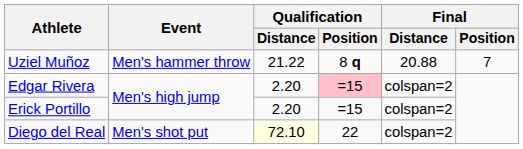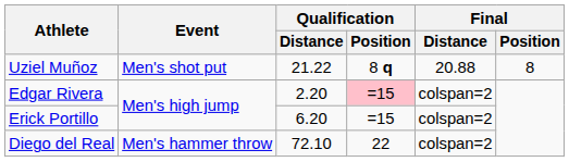 <table class=wikitable style="font-size:90%">
 <tr>
 <th rowspan="2">Athlete</th>
 <th rowspan="2">Event</th>
 <th colspan="2">Qualification</th>
 <th colspan="2">Final</th>
 </tr>
 <tr style="font-size:95%">
 <th>Distance</th>
 <th>Position</th>
 <th>Distance</th>
 <th>Position</th>
 </tr>
 <tr align=center>
 <td align=left><a href='#'>Uziel Muñoz</a></td>
-<td align=left><a href='#'>Men's hammer throw</a></td>
+<td align=left><a href='#'>Men's shot put</a></td>
 <td>21.22</td>
 <td>8 <strong>q</strong></td>
 <td>20.88</td>
-<td>7</td>
+<td>8</td>
 </tr>
 <tr align=center>
 <td align=left><a href='#'>Edgar Rivera</a></td>
 <td align=left rowspan=2><a href='#'>Men's high jump</a></td>
 <td>2.20</td>
 <td style="background: pink;">=15</td>
 <td>colspan=2</td>
 </tr>
 <tr align=center>
 <td align=left><a href='#'>Erick Portillo</a></td>
-<td>2.20</td>
+<td>6.20</td>
 <td>=15</td>
 <td>colspan=2</td>
 </tr>
 <tr align=center>
 <td align=left><a href='#'>Diego del Real</a></td>
-<td align=left><a href='#'>Men's shot put</a></td>
-<td style="background: lightyellow;">72.10</td>
+<td align=left><a href='#'>Men's hammer throw</a></td>
+<td>72.10</td>
 <td>22</td>
 <td>colspan=2</td>
 </tr>
 </table>
